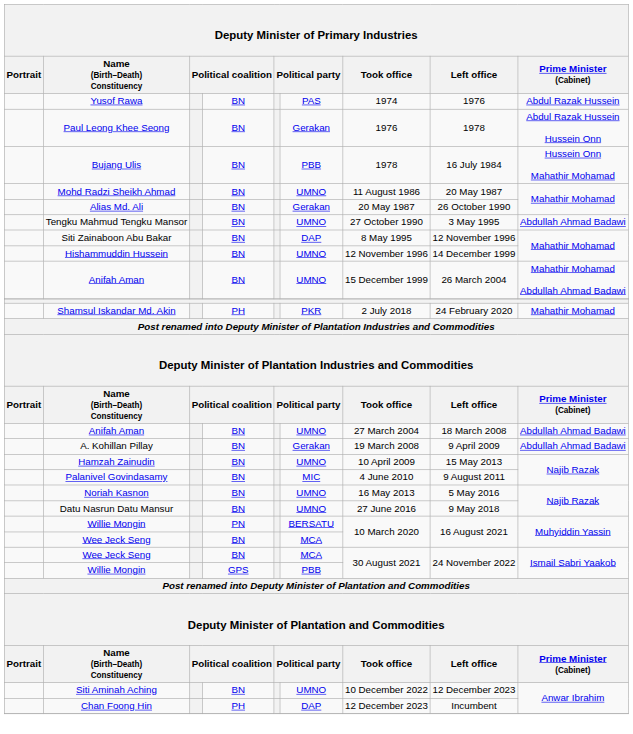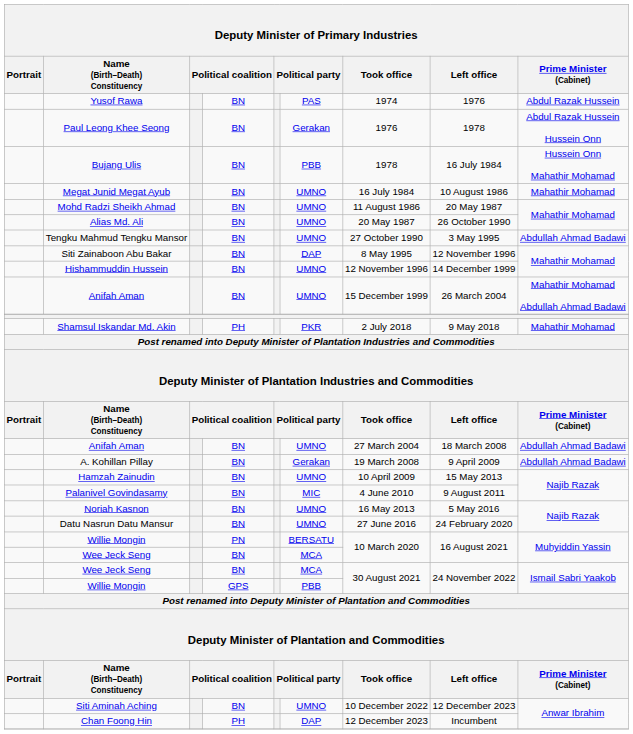 <table class="wikitable" style="text-align:center;">
 <tr>
 <th colspan="9"><br><h3>Deputy Minister of Primary Industries</h3></th>
 </tr>
 <tr>
 <th>Portrait</th>
 <th>Name<br><small>(Birth–Death)<br>Constituency</small></th>
 <th colspan="2">Political coalition</th>
 <th colspan="2">Political party</th>
 <th>Took office</th>
 <th>Left office</th>
 <th><a href='#'>Prime Minister</a><br><small>(Cabinet)</small></th>
 </tr>
 <tr>
 <td></td>
 <td><a href='#'>Yusof Rawa</a><br></td>
 <th style="background:"></th>
 <td><a href='#'>BN</a></td>
 <th style="background:"></th>
 <td><a href='#'>PAS</a></td>
 <td>1974</td>
 <td>1976</td>
 <td><a href='#'>Abdul Razak Hussein</a><br></td>
 </tr>
 <tr>
 <td></td>
 <td><a href='#'>Paul Leong Khee Seong</a><br></td>
 <th style="background:"></th>
 <td><a href='#'>BN</a></td>
 <th style="background:"></th>
 <td><a href='#'>Gerakan</a></td>
 <td>1976</td>
 <td>1978</td>
 <td><a href='#'>Abdul Razak Hussein</a><br><br><a href='#'>Hussein Onn</a><br></td>
 </tr>
 <tr>
 <td></td>
 <td><a href='#'>Bujang Ulis</a><br></td>
 <th style="background:"></th>
 <td><a href='#'>BN</a></td>
 <th style="background:"></th>
 <td><a href='#'>PBB</a></td>
 <td>1978</td>
 <td>16 July 1984</td>
 <td><a href='#'>Hussein Onn</a><br><br><a href='#'>Mahathir Mohamad</a><br></td>
 </tr>
 <tr>
 <td></td>
+<td><a href='#'>Megat Junid Megat Ayub</a><br></td>
+<th style="background:"></th>
+<td><a href='#'>BN</a></td>
+<th style="background:"></th>
+<td><a href='#'>UMNO</a></td>
+<td>16 July 1984</td>
+<td>10 August 1986</td>
+<td><a href='#'>Mahathir Mohamad</a><br></td>
+</tr>
+<tr>
+<td></td>
 <td><a href='#'>Mohd Radzi Sheikh Ahmad</a><br></td>
 <th style="background:"></th>
 <td><a href='#'>BN</a></td>
 <th style="background:"></th>
 <td><a href='#'>UMNO</a></td>
 <td>11 August 1986</td>
 <td>20 May 1987</td>
 <td rowspan=2><a href='#'>Mahathir Mohamad</a><br></td>
 </tr>
 <tr>
 <td></td>
 <td><a href='#'>Alias Md. Ali</a><br></td>
 <th style="background:"></th>
 <td><a href='#'>BN</a></td>
 <th style="background:"></th>
-<td><a href='#'>Gerakan</a></td>
+<td><a href='#'>UMNO</a></td>
 <td>20 May 1987</td>
 <td>26 October 1990</td>
 </tr>
 <tr>
 <td></td>
 <td>Tengku Mahmud Tengku Mansor<br></td>
 <th style="background:"></th>
 <td><a href='#'>BN</a></td>
 <th style="background:"></th>
 <td><a href='#'>UMNO</a></td>
 <td>27 October 1990</td>
 <td>3 May 1995</td>
 <td><a href='#'>Abdullah Ahmad Badawi</a><br></td>
 </tr>
 <tr>
 <td></td>
 <td>Siti Zainaboon Abu Bakar<br></td>
 <th style="background:"></th>
 <td><a href='#'>BN</a></td>
 <th style="background:"></th>
 <td><a href='#'>DAP</a></td>
 <td>8 May 1995</td>
 <td>12 November 1996</td>
 <td rowspan=2><a href='#'>Mahathir Mohamad</a><br></td>
 </tr>
 <tr>
 <td></td>
 <td><a href='#'>Hishammuddin Hussein</a><br></td>
 <th style="background:"></th>
 <td><a href='#'>BN</a></td>
 <th style="background:"></th>
 <td><a href='#'>UMNO</a></td>
 <td>12 November 1996</td>
 <td>14 December 1999</td>
 </tr>
 <tr>
 <td></td>
 <td><a href='#'>Anifah Aman</a><br></td>
 <th style="background:"></th>
 <td><a href='#'>BN</a></td>
 <th style="background:"></th>
 <td><a href='#'>UMNO</a></td>
 <td>15 December 1999</td>
 <td>26 March 2004</td>
 <td><a href='#'>Mahathir Mohamad</a><br><br><a href='#'>Abdullah Ahmad Badawi</a><br></td>
 </tr>
 <tr>
 </tr>
 <tr>
 <th colspan="9" bgcolor="cccccc"></th>
 </tr>
 <tr>
 <td></td>
 <td><a href='#'>Shamsul Iskandar Md. Akin</a><br></td>
 <th style="background:"></th>
 <td><a href='#'>PH</a></td>
 <th style="background:"></th>
 <td><a href='#'>PKR</a></td>
 <td>2 July 2018</td>
-<td>24 February 2020</td>
+<td>9 May 2018</td>
 <td><a href='#'>Mahathir Mohamad</a><br></td>
 </tr>
 <tr>
 <th colspan="9"><em>Post renamed into Deputy Minister of Plantation Industries and Commodities</em></th>
 </tr>
 <tr>
 <th colspan="9"><br><h3>Deputy Minister of Plantation Industries and Commodities</h3></th>
 </tr>
 <tr>
 <th>Portrait</th>
 <th>Name<br><small>(Birth–Death)<br>Constituency</small></th>
 <th colspan="2">Political coalition</th>
 <th colspan="2">Political party</th>
 <th>Took office</th>
 <th>Left office</th>
 <th><a href='#'>Prime Minister</a><br><small>(Cabinet)</small></th>
 </tr>
 <tr>
 <td></td>
 <td><a href='#'>Anifah Aman</a><br></td>
 <th style="background:"></th>
 <td><a href='#'>BN</a></td>
 <th style="background:"></th>
 <td><a href='#'>UMNO</a></td>
 <td>27 March 2004</td>
 <td>18 March 2008</td>
 <td><a href='#'>Abdullah Ahmad Badawi</a><br></td>
 </tr>
 <tr>
 <td></td>
 <td>A. Kohillan Pillay<br></td>
 <th style="background:"></th>
 <td><a href='#'>BN</a></td>
 <th style="background:"></th>
 <td><a href='#'>Gerakan</a></td>
 <td>19 March 2008</td>
 <td>9 April 2009</td>
 <td><a href='#'>Abdullah Ahmad Badawi</a><br></td>
 </tr>
 <tr>
 <td></td>
 <td><a href='#'>Hamzah Zainudin</a><br></td>
 <th style="background:"></th>
 <td><a href='#'>BN</a></td>
 <th style="background:"></th>
 <td><a href='#'>UMNO</a></td>
 <td>10 April 2009</td>
 <td>15 May 2013</td>
 <td rowspan=2><a href='#'>Najib Razak</a><br></td>
 </tr>
 <tr>
 <td></td>
 <td><a href='#'>Palanivel Govindasamy</a><br></td>
 <th style="background:"></th>
 <td><a href='#'>BN</a></td>
 <th style="background:"></th>
 <td><a href='#'>MIC</a></td>
 <td>4 June 2010</td>
 <td>9 August 2011</td>
 </tr>
 <tr>
 <td></td>
 <td><a href='#'>Noriah Kasnon</a><br></td>
 <th style="background:"></th>
 <td><a href='#'>BN</a></td>
 <th style="background:"></th>
 <td><a href='#'>UMNO</a></td>
 <td>16 May 2013</td>
 <td>5 May 2016</td>
 <td rowspan=2><a href='#'>Najib Razak</a><br></td>
 </tr>
 <tr>
 <td></td>
 <td>Datu Nasrun Datu Mansur<br></td>
 <th style="background:"></th>
 <td><a href='#'>BN</a></td>
 <th style="background:"></th>
 <td><a href='#'>UMNO</a></td>
 <td>27 June 2016</td>
-<td>9 May 2018</td>
+<td>24 February 2020</td>
 </tr>
 <tr>
 <td></td>
 <td><a href='#'>Willie Mongin</a><br></td>
 <th style="background:"></th>
 <td><a href='#'>PN</a></td>
 <th style="background:"></th>
 <td><a href='#'>BERSATU</a></td>
 <td rowspan=2>10 March 2020</td>
 <td rowspan=2>16 August 2021</td>
 <td rowspan=2><a href='#'>Muhyiddin Yassin</a><br></td>
 </tr>
 <tr>
 <td></td>
 <td><a href='#'>Wee Jeck Seng</a><br></td>
 <th style="background:"></th>
 <td><a href='#'>BN</a></td>
 <th style="background:"></th>
 <td><a href='#'>MCA</a></td>
 </tr>
 <tr>
 <td></td>
 <td><a href='#'>Wee Jeck Seng</a><br></td>
 <th style="background:"></th>
 <td><a href='#'>BN</a></td>
 <th style="background:"></th>
 <td><a href='#'>MCA</a></td>
 <td rowspan=2>30 August 2021</td>
 <td rowspan=2>24 November 2022</td>
 <td rowspan=2><a href='#'>Ismail Sabri Yaakob</a><br></td>
 </tr>
 <tr>
 <td></td>
 <td><a href='#'>Willie Mongin</a><br></td>
 <th style="background:"></th>
 <td><a href='#'>GPS</a></td>
 <th style="background:"></th>
 <td><a href='#'>PBB</a></td>
 </tr>
 <tr>
 <th colspan="9"><em>Post renamed into Deputy Minister of Plantation and Commodities</em></th>
 </tr>
 <tr>
 <th colspan="9"><br><h3>Deputy Minister of Plantation and Commodities</h3></th>
 </tr>
 <tr>
 <th>Portrait</th>
 <th>Name<br><small>(Birth–Death)<br>Constituency</small></th>
 <th colspan="2">Political coalition</th>
 <th colspan="2">Political party</th>
 <th>Took office</th>
 <th>Left office</th>
 <th><a href='#'>Prime Minister</a><br><small>(Cabinet)</small></th>
 </tr>
 <tr>
 <td></td>
 <td><a href='#'>Siti Aminah Aching</a><br></td>
 <th style="background:"></th>
 <td><a href='#'>BN</a></td>
 <th style="background:"></th>
 <td><a href='#'>UMNO</a></td>
 <td>10 December 2022</td>
 <td>12 December 2023</td>
 <td rowspan=2><a href='#'>Anwar Ibrahim</a><br></td>
 </tr>
 <tr>
 <td></td>
 <td><a href='#'>Chan Foong Hin</a><br></td>
 <th style="background:"></th>
 <td><a href='#'>PH</a></td>
 <th style="background:"></th>
 <td><a href='#'>DAP</a></td>
 <td>12 December 2023</td>
 <td>Incumbent</td>
 </tr>
 <tr>
 </tr>
 </table>
